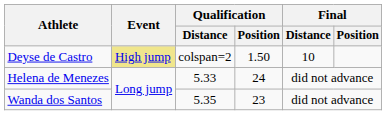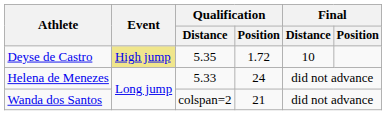 <table class=wikitable style="font-size:90%">
 <tr>
 <th rowspan="2">Athlete</th>
 <th rowspan="2">Event</th>
 <th colspan="2">Qualification</th>
 <th colspan="2">Final</th>
 </tr>
 <tr style="font-size:95%">
 <th>Distance</th>
 <th>Position</th>
 <th>Distance</th>
 <th>Position</th>
 </tr>
 <tr align=center>
 <td align=left><a href='#'>Deyse de Castro</a></td>
 <td align=left style="background: khaki;"><a href='#'>High jump</a></td>
-<td>colspan=2 </td>
-<td>1.50</td>
+<td>5.35</td>
+<td>1.72</td>
 <td>10</td>
 </tr>
 <tr align=center>
 <td align=left><a href='#'>Helena de Menezes</a></td>
 <td align=left rowspan=2><a href='#'>Long jump</a></td>
 <td>5.33</td>
 <td>24</td>
 <td colspan=2>did not advance</td>
 </tr>
 <tr align=center>
 <td align=left><a href='#'>Wanda dos Santos</a></td>
-<td>5.35</td>
-<td>23</td>
+<td>colspan=2 </td>
+<td>21</td>
 <td colspan=2>did not advance</td>
 </tr>
 </table>
